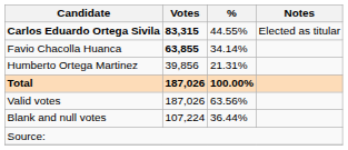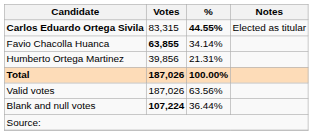 <table class=wikitable>
 <tr>
 <th>Candidate</th>
 <th>Votes</th>
 <th>%</th>
 <th>Notes</th>
 </tr>
 <tr>
 <td><strong>Carlos Eduardo Ortega Sivila</strong></td>
-<td><strong>83,315</strong></td>
-<td>44.55%</td>
+<td>83,315</td>
+<td><strong>44.55%</strong></td>
 <td>Elected as titular</td>
 </tr>
 <tr>
 <td>Favio Chacolla Huanca</td>
 <td><strong>63,855</strong></td>
 <td>34.14%</td>
 <td></td>
 </tr>
 <tr>
 <td>Humberto Ortega Martinez</td>
 <td>39,856</td>
 <td>21.31%</td>
 <td></td>
 </tr>
 <tr>
 <td style="background:#FDDCB8"><strong>Total</strong></td>
 <td style="background:#FDDCB8"><strong>187,026</strong></td>
 <td style="background:#FDDCB8"><strong>100.00%</strong></td>
 <td style="background:#FDDCB8"></td>
 </tr>
 <tr>
 <td>Valid votes</td>
 <td>187,026</td>
 <td>63.56%</td>
 <td></td>
 </tr>
 <tr>
 <td>Blank and null votes</td>
-<td>107,224</td>
+<td><strong>107,224</strong></td>
 <td>36.44%</td>
 <td></td>
 </tr>
 <tr>
 <td colspan="4">Source: </td>
 </tr>
 <tr>
 </tr>
 </table>
